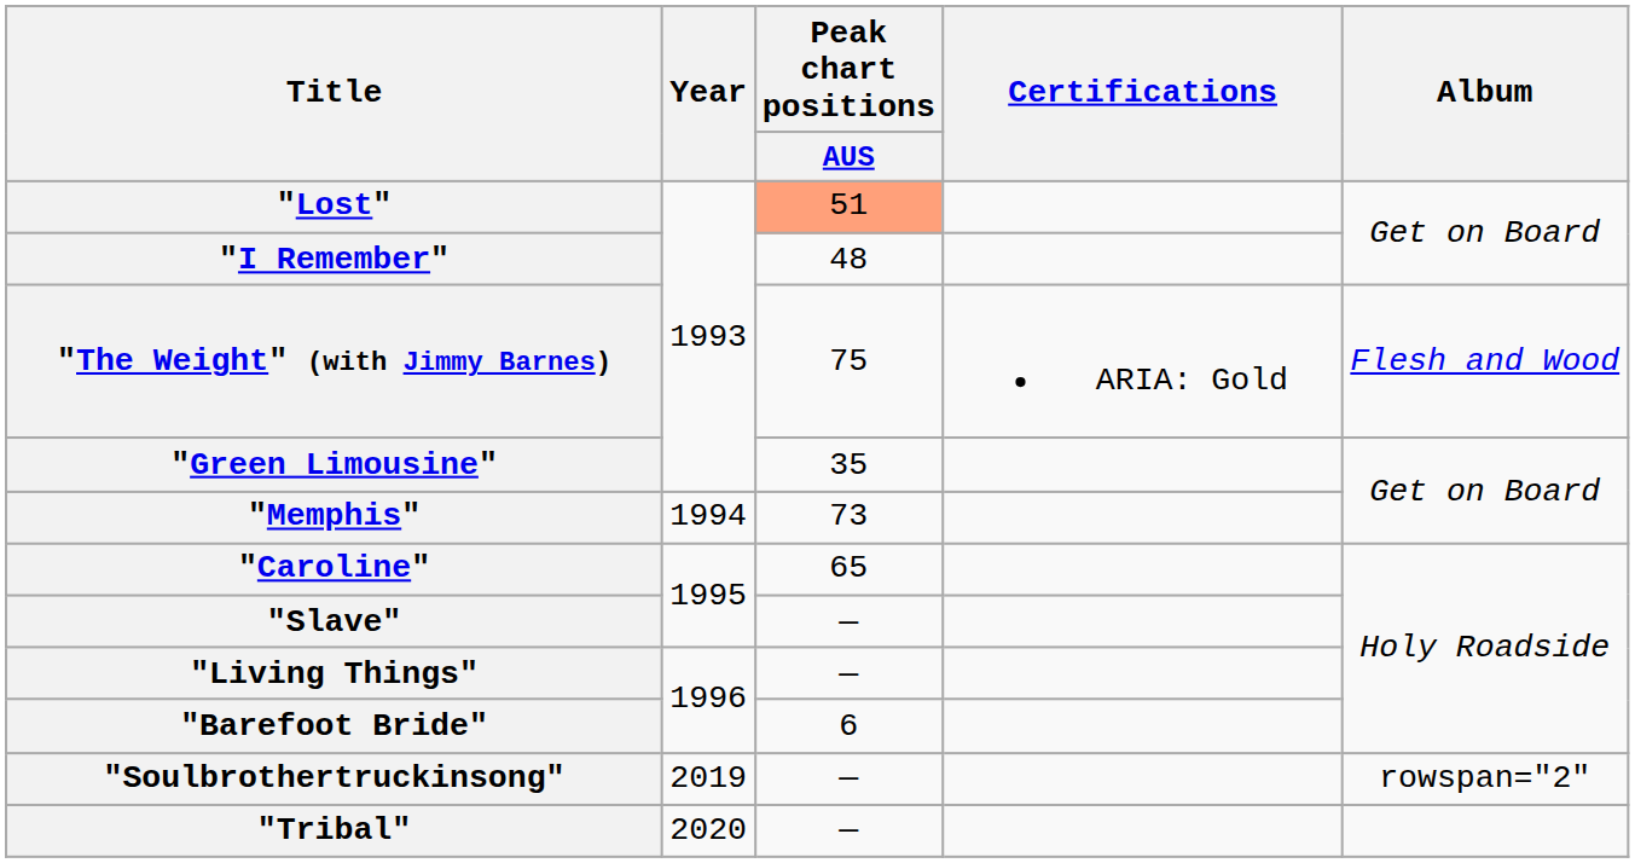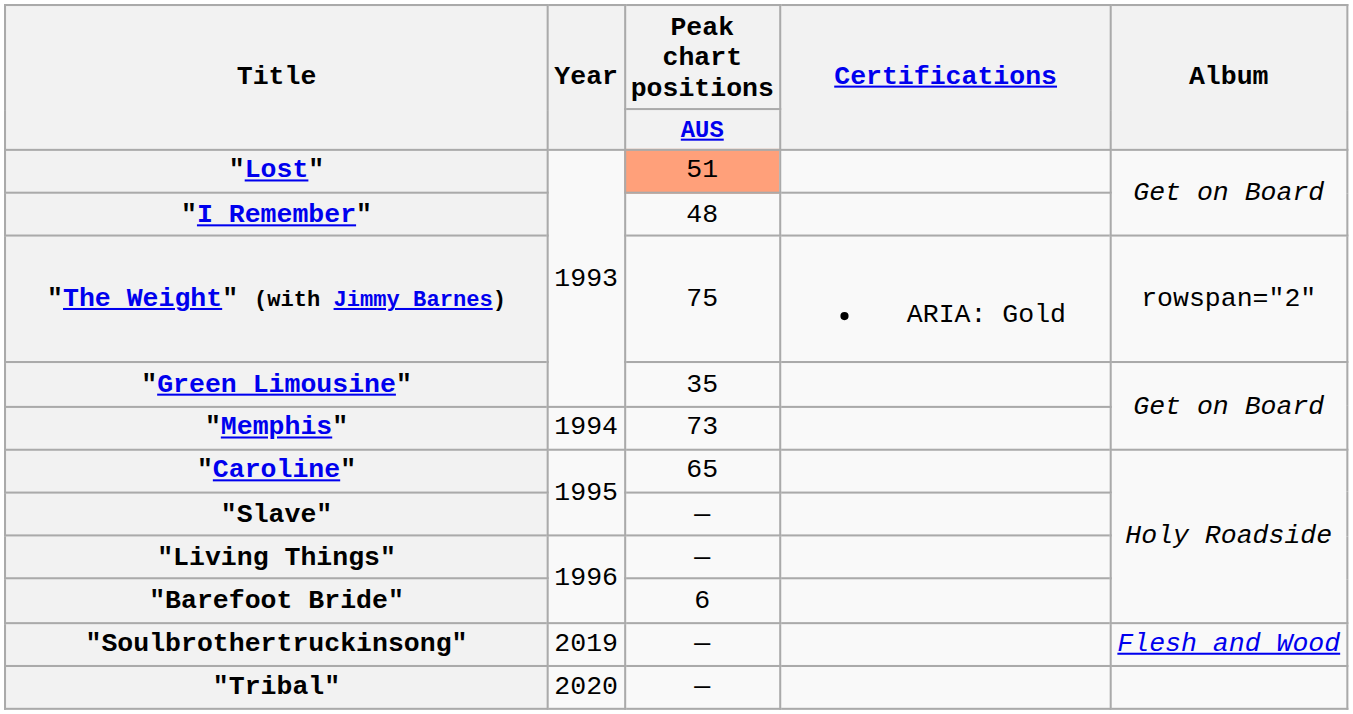 <table style="text-align:center;" class="wikitable plainrowheaders" border="1">
 <tr>
 <th scope="col" rowspan="2" style="width:20em;">Title</th>
 <th scope="col" rowspan="2">Year</th>
 <th scope="col" colspan="1">Peak chart positions</th>
 <th scope="col" rowspan="2" style="width:12em;"><a href='#'>Certifications</a></th>
 <th scope="col" rowspan="2">Album</th>
 </tr>
 <tr>
 <th scope="col" style="width:3em;font-size:90%;"><a href='#'>AUS</a><br></th>
 </tr>
 <tr>
 <th scope="row">"<a href='#'>Lost</a>"</th>
 <td rowspan="4">1993</td>
 <td style="background: lightsalmon;">51</td>
 <td></td>
 <td rowspan="2"><em>Get on Board</em></td>
 </tr>
 <tr>
 <th scope="row">"<a href='#'>I Remember</a>"</th>
 <td>48</td>
 <td></td>
 </tr>
 <tr>
 <th scope="row">"<a href='#'>The Weight</a>" <small> (with <a href='#'>Jimmy Barnes</a>)</small></th>
 <td>75</td>
 <td><br><ul><li>ARIA: Gold</li></ul></td>
-<td><em><a href='#'>Flesh and Wood</a></em></td>
+<td>rowspan="2" </td>
 </tr>
 <tr>
 <th scope="row">"<a href='#'>Green Limousine</a>"</th>
 <td>35</td>
 <td></td>
 <td rowspan="2"><em>Get on Board</em></td>
 </tr>
 <tr>
 <th scope="row">"<a href='#'>Memphis</a>"</th>
 <td>1994</td>
 <td>73</td>
 <td></td>
 </tr>
 <tr>
 <th scope="row">"<a href='#'>Caroline</a>"</th>
 <td rowspan="2">1995</td>
 <td>65</td>
 <td></td>
 <td rowspan="4"><em>Holy Roadside</em></td>
 </tr>
 <tr>
 <th scope="row">"Slave"</th>
 <td>—</td>
 <td></td>
 </tr>
 <tr>
 <th scope="row">"Living Things"</th>
 <td rowspan="2">1996</td>
 <td>—</td>
 <td></td>
 </tr>
 <tr>
 <th scope="row">"Barefoot Bride"</th>
 <td>6</td>
 <td></td>
 </tr>
 <tr>
 <th scope="row">"Soulbrothertruckinsong"</th>
 <td>2019</td>
 <td>—</td>
 <td></td>
-<td>rowspan="2" </td>
+<td><em><a href='#'>Flesh and Wood</a></em></td>
 </tr>
 <tr>
 <th scope="row">"Tribal"</th>
 <td>2020</td>
 <td>—</td>
 <td></td>
 </tr>
 </table>
